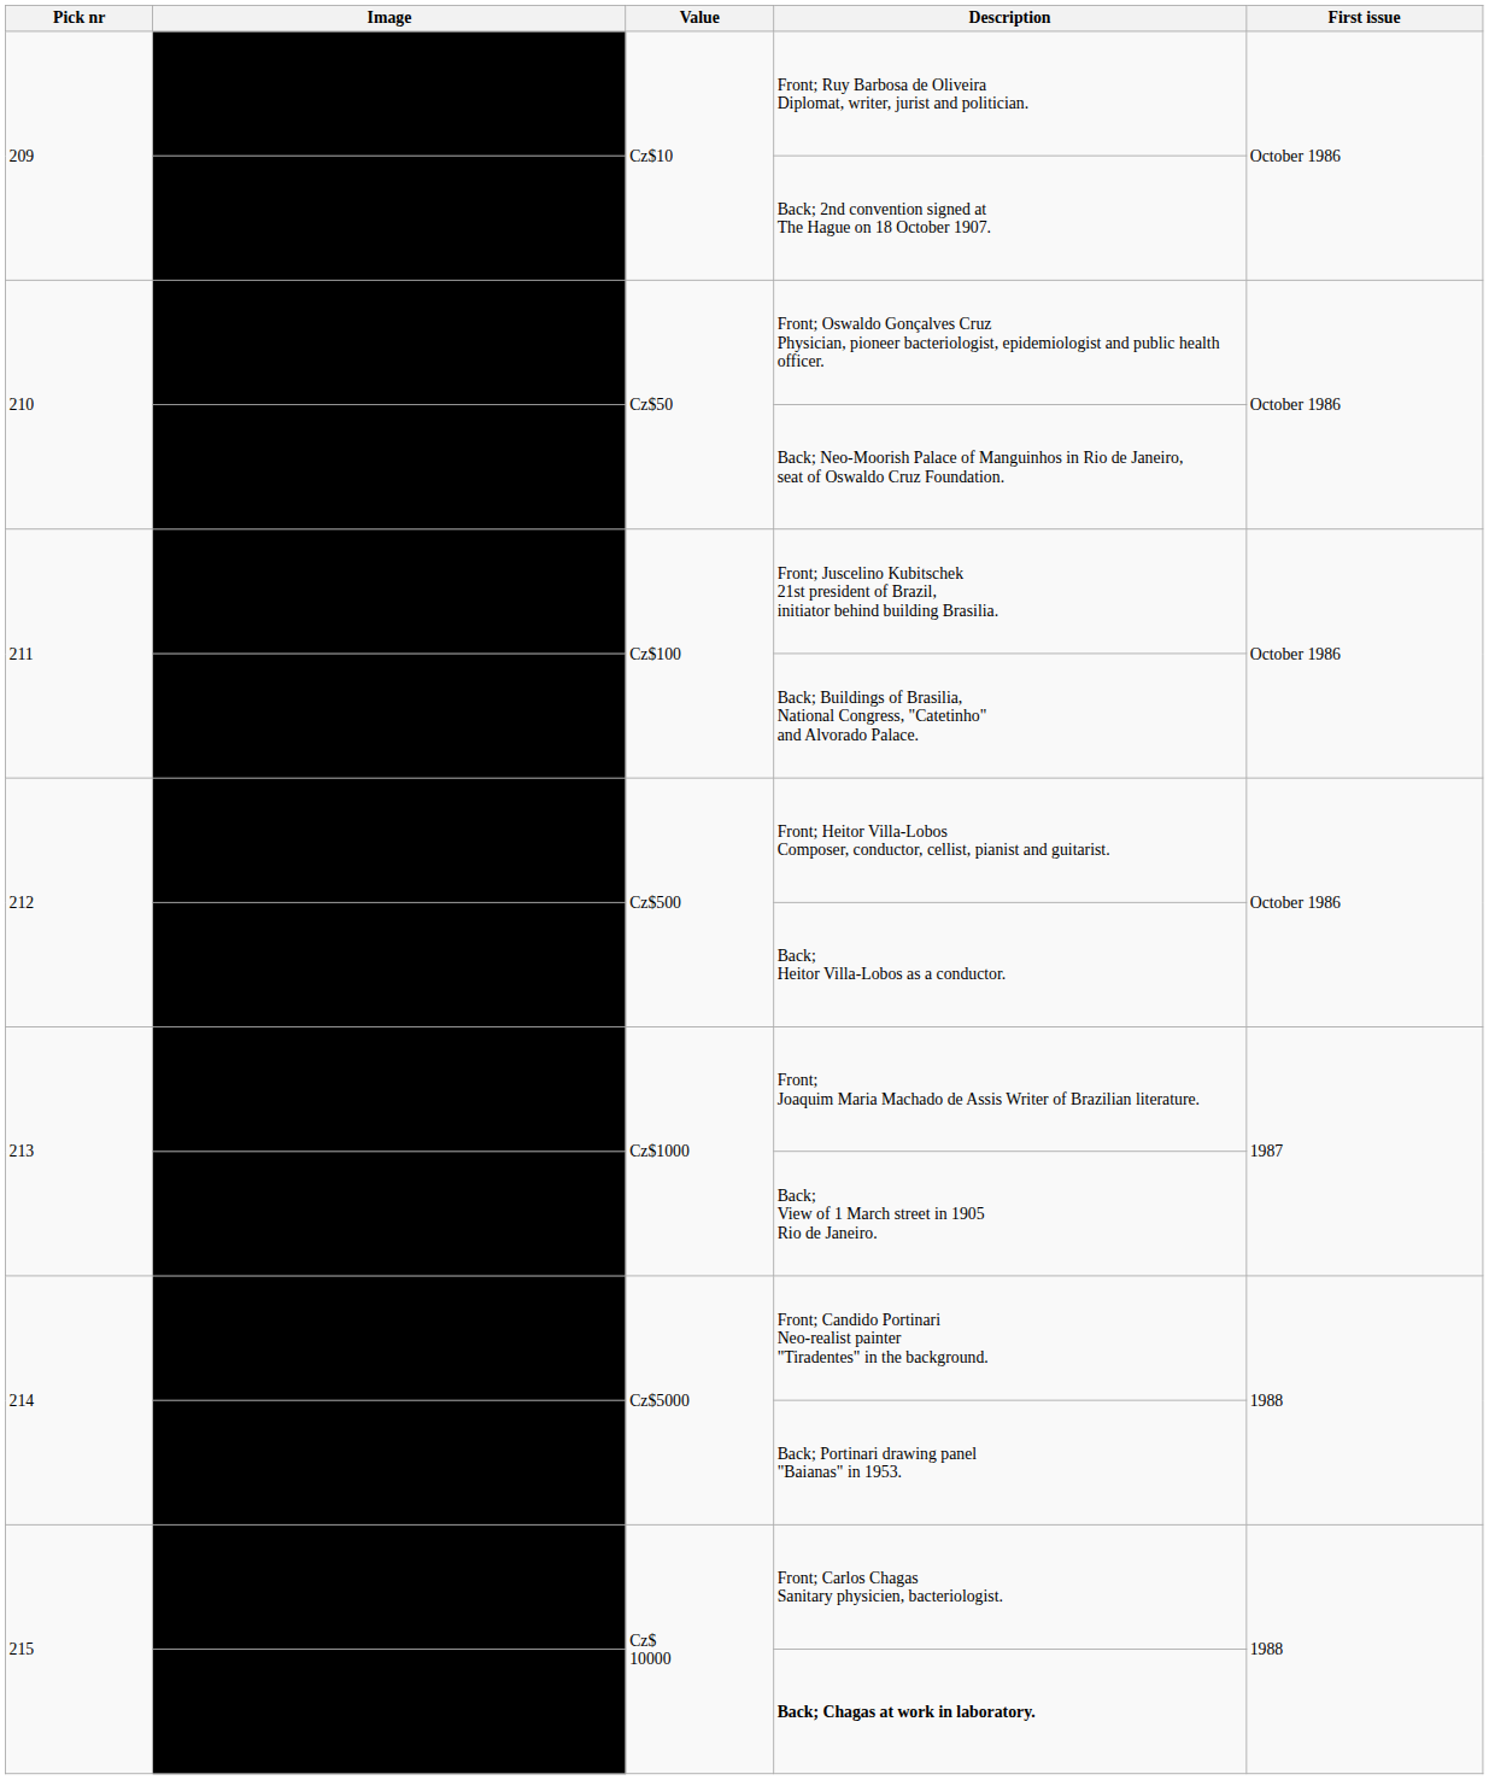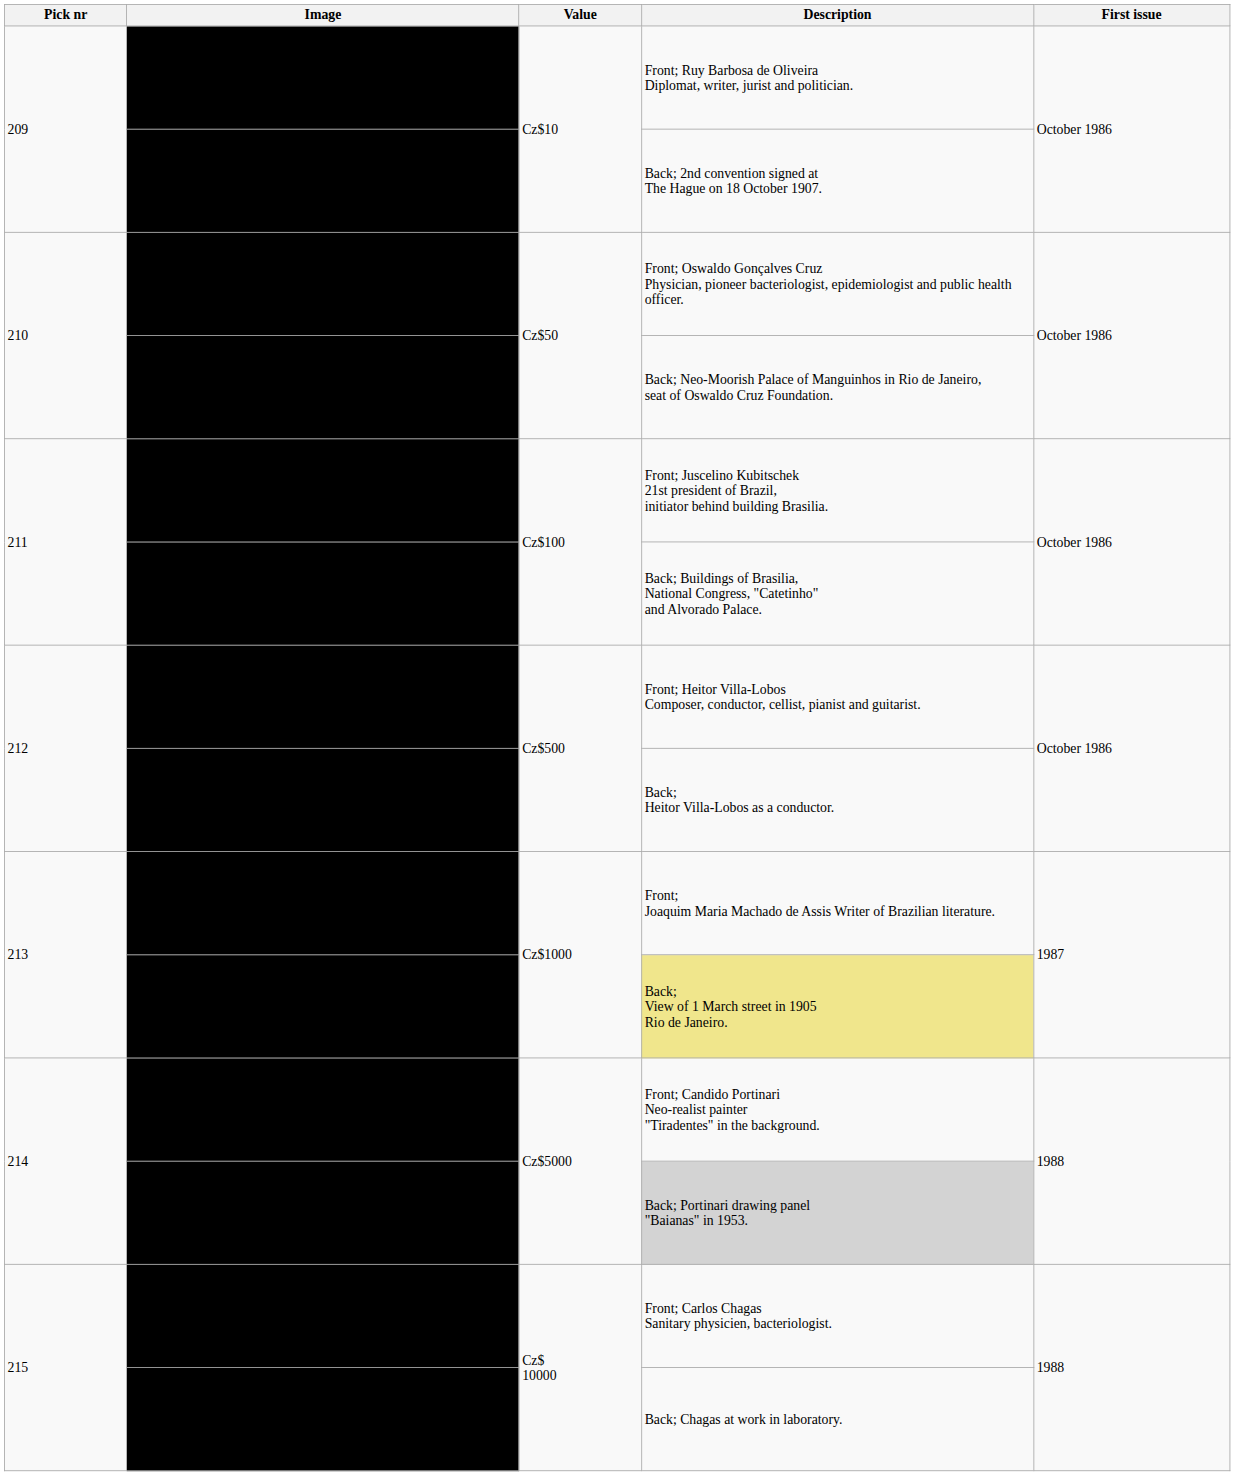 <table class= "wikitable"  style="width:90%;">
 <tr colspan= "5">
 <th style= "width:10%;">Pick nr</th>
 <th style= "width:32%;">Image</th>
 <th style= "width:10%;">Value</th>
 <th style= "width:32%;">Description</th>
 <th style= "width:16%;">First issue</th>
 </tr>
 <tr style= "text-align:left; height:120px;">
 <td rowspan= "2">209</td>
 <td rowspan= "1" style= "background:black;"></td>
 <td rowspan= "2">Cz$10</td>
 <td rowspan= "1">Front; Ruy Barbosa de Oliveira<br>Diplomat, writer, jurist and politician.</td>
 <td rowspan= "2">October 1986</td>
 </tr>
 <tr style= "text-align:left; height:120px;">
 <td rowspan= "1" style="background:black;"></td>
 <td rowspan= "1">Back; 2nd convention signed at<br>The Hague on 18 October 1907.</td>
 </tr>
 <tr style= "text-align:left; height:120px;">
 <td rowspan= "2">210</td>
 <td rowspan= "1" style= "background:black;"></td>
 <td rowspan= "2">Cz$50</td>
 <td rowspan= "1">Front; Oswaldo Gonçalves Cruz<br>Physician, pioneer bacteriologist, epidemiologist and public health officer.</td>
 <td rowspan= "2">October 1986</td>
 </tr>
 <tr style= "text-align:left; height:120px;">
 <td rowspan= "1" style="background:black;"></td>
 <td rowspan= "1">Back; Neo-Moorish Palace of Manguinhos in Rio de Janeiro,<br>seat of Oswaldo Cruz Foundation.</td>
 </tr>
 <tr style= "text-align:left; height:120px;">
 <td rowspan= "2">211</td>
 <td rowspan= "1" style= "background:black;"></td>
 <td rowspan= "2">Cz$100</td>
 <td rowspan= "1">Front; Juscelino Kubitschek<br>21st president of Brazil,<br>initiator behind building Brasilia.</td>
 <td rowspan= "2">October 1986</td>
 </tr>
 <tr style= "text-align:left; height:120px;">
 <td rowspan= "1" style="background:black;"></td>
 <td rowspan= "1">Back; Buildings of Brasilia,<br>National Congress, "Catetinho"<br>and Alvorado Palace.</td>
 </tr>
 <tr style= "text-align:left; height:120px;">
 <td rowspan= "2">212</td>
 <td rowspan= "1" style= "background:black;"></td>
 <td rowspan= "2">Cz$500</td>
 <td rowspan= "1">Front; Heitor Villa-Lobos<br>Composer, conductor, cellist, pianist and guitarist.</td>
 <td rowspan= "2">October 1986</td>
 </tr>
 <tr style= "text-align:left; height:120px;">
 <td rowspan= "1" style="background:black;"></td>
 <td rowspan= "1">Back;<br>Heitor Villa-Lobos as a conductor.</td>
 </tr>
 <tr style= "text-align:left; height:120px;">
 <td rowspan= "2">213</td>
 <td rowspan= "1" style= "background:black;"></td>
 <td rowspan= "2">Cz$1000</td>
 <td rowspan= "1">Front;<br>Joaquim Maria Machado de Assis Writer of Brazilian literature.</td>
 <td rowspan= "2">1987</td>
 </tr>
 <tr style= "text-align:left; height:120px;">
 <td rowspan= "1" style="background:black;"></td>
-<td rowspan= "1">Back;<br>View of 1 March street in 1905<br>Rio de Janeiro.</td>
+<td rowspan= "1" style="background: khaki;">Back;<br>View of 1 March street in 1905<br>Rio de Janeiro.</td>
 </tr>
 <tr style= "text-align:left; height:120px;">
 <td rowspan= "2">214</td>
 <td rowspan= "1" style= "background:black;"></td>
 <td rowspan= "2">Cz$5000</td>
 <td rowspan= "1">Front; Candido Portinari<br>Neo-realist painter<br>"Tiradentes" in the background.</td>
 <td rowspan= "2">1988</td>
 </tr>
 <tr style= "text-align:left; height:120px;">
 <td rowspan= "1" style="background:black;"></td>
-<td rowspan= "1">Back; Portinari drawing panel<br>"Baianas" in 1953.</td>
+<td rowspan= "1" style="background: lightgrey;">Back; Portinari drawing panel<br>"Baianas" in 1953.</td>
 </tr>
 <tr style= "text-align:left; height:120px;">
 <td rowspan= "2">215</td>
 <td rowspan= "1" style= "background:black;"></td>
 <td rowspan= "2">Cz$<br>10000</td>
 <td rowspan= "1">Front; Carlos Chagas<br>Sanitary physicien, bacteriologist.</td>
 <td rowspan= "2">1988</td>
 </tr>
 <tr style= "text-align:left; height:120px;">
 <td rowspan= "1" style="background:black;"></td>
-<td rowspan= "1"><strong>Back; Chagas at work in laboratory.</strong></td>
+<td rowspan= "1">Back; Chagas at work in laboratory.</td>
 </tr>
 </table>
